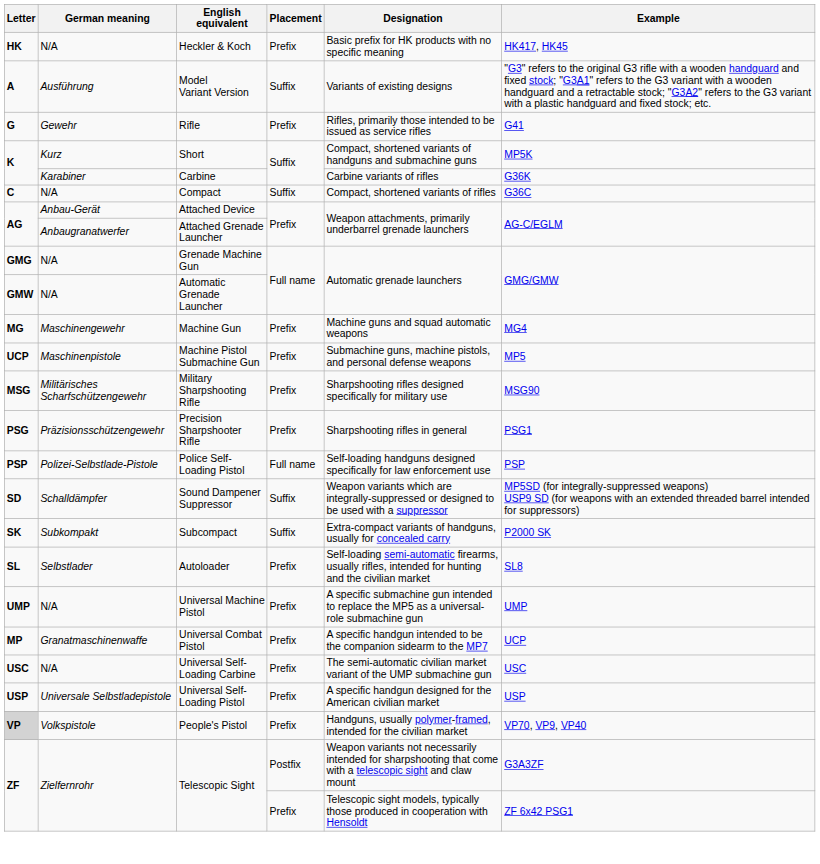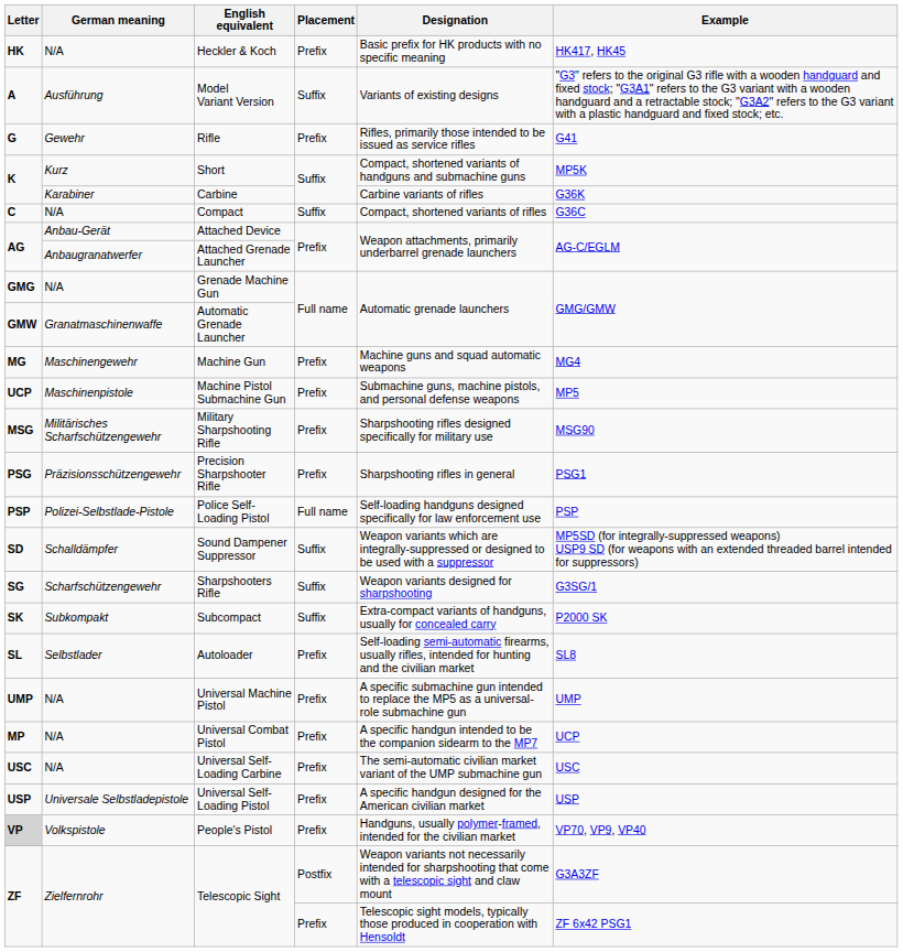 <table class="wikitable">
 <tr>
 <th>Letter</th>
 <th>German meaning</th>
 <th>English equivalent</th>
 <th>Placement</th>
 <th>Designation</th>
 <th>Example</th>
 </tr>
 <tr>
 <td><strong>HK</strong></td>
 <td>N/A</td>
 <td>Heckler & Koch</td>
 <td>Prefix</td>
 <td>Basic prefix for HK products with no specific meaning</td>
 <td><a href='#'>HK417</a>, <a href='#'>HK45</a></td>
 </tr>
 <tr>
 <td><strong>A</strong></td>
 <td><em>Ausführung</em></td>
 <td>Model<br>Variant Version</td>
 <td>Suffix</td>
 <td>Variants of existing designs</td>
 <td>"<a href='#'>G3</a>" refers to the original G3 rifle with a wooden <a href='#'>handguard</a> and fixed <a href='#'>stock</a>; "<a href='#'>G3<u>A1</u></a>" refers to the G3 variant with a wooden handguard and a retractable stock; "<a href='#'>G3<u>A2</u></a>" refers to the G3 variant with a plastic handguard and fixed stock; etc.</td>
 </tr>
 <tr>
 <td><strong>G</strong></td>
 <td><em>Gewehr</em></td>
 <td>Rifle</td>
 <td>Prefix</td>
 <td>Rifles, primarily those intended to be issued as service rifles</td>
 <td><a href='#'>G41</a></td>
 </tr>
 <tr>
 <td rowspan="2"><strong>K</strong></td>
 <td><em>Kurz</em></td>
 <td>Short</td>
 <td rowspan="2">Suffix</td>
 <td>Compact, shortened variants of handguns and submachine guns</td>
 <td><a href='#'>MP5K</a></td>
 </tr>
 <tr>
 <td><em>Karabiner</em></td>
 <td>Carbine</td>
 <td>Carbine variants of rifles</td>
 <td><a href='#'>G36K</a></td>
 </tr>
 <tr>
 <td><strong>C</strong></td>
 <td>N/A</td>
 <td>Compact</td>
 <td>Suffix</td>
 <td>Compact, shortened variants of rifles</td>
 <td><a href='#'>G36C</a></td>
 </tr>
 <tr>
 <td rowspan="2"><strong>AG</strong></td>
 <td><em>Anbau-Gerät</em></td>
 <td>Attached Device</td>
 <td rowspan="2">Prefix</td>
 <td rowspan="2">Weapon attachments, primarily underbarrel grenade launchers</td>
 <td rowspan="2"><a href='#'>AG-C/EGLM</a></td>
 </tr>
 <tr>
 <td><em>Anbaugranatwerfer</em></td>
 <td>Attached Grenade Launcher</td>
 </tr>
 <tr>
 <td><strong>GMG</strong></td>
 <td>N/A</td>
 <td>Grenade Machine Gun</td>
 <td rowspan="2">Full name</td>
 <td rowspan="2">Automatic grenade launchers</td>
 <td rowspan="2"><a href='#'>GMG/GMW</a></td>
 </tr>
 <tr>
 <td><strong>GMW</strong></td>
-<td>N/A</td>
+<td><em>Granatmaschinenwaffe</em></td>
 <td>Automatic Grenade Launcher</td>
 </tr>
 <tr>
 <td><strong>MG</strong></td>
 <td><em>Maschinengewehr</em></td>
 <td>Machine Gun</td>
 <td>Prefix</td>
 <td>Machine guns and squad automatic weapons</td>
 <td><a href='#'>MG4</a></td>
 </tr>
 <tr>
 <td><strong>UCP</strong></td>
 <td><em>Maschinenpistole</em></td>
 <td>Machine Pistol<br>Submachine Gun</td>
 <td>Prefix</td>
 <td>Submachine guns, machine pistols, and personal defense weapons</td>
 <td><a href='#'>MP5</a></td>
 </tr>
 <tr>
 <td><strong>MSG</strong></td>
 <td><em>Militärisches Scharfschützengewehr</em></td>
 <td>Military Sharpshooting Rifle</td>
 <td>Prefix</td>
 <td>Sharpshooting rifles designed specifically for military use</td>
 <td><a href='#'>MSG90</a></td>
 </tr>
 <tr>
 <td><strong>PSG</strong></td>
 <td><em>Präzisionsschützengewehr</em></td>
 <td>Precision Sharpshooter Rifle</td>
 <td>Prefix</td>
 <td>Sharpshooting rifles in general</td>
 <td><a href='#'>PSG1</a></td>
 </tr>
 <tr>
 <td><strong>PSP</strong></td>
 <td><em>Polizei-Selbstlade-Pistole</em></td>
 <td>Police Self-Loading Pistol</td>
 <td>Full name</td>
 <td>Self-loading handguns designed specifically for law enforcement use</td>
 <td><a href='#'>PSP</a></td>
 </tr>
 <tr>
 <td><strong>SD</strong></td>
 <td><em>Schalldämpfer</em></td>
 <td>Sound Dampener<br>Suppressor</td>
 <td>Suffix</td>
 <td>Weapon variants which are integrally-suppressed or designed to be used with a <a href='#'>suppressor</a></td>
 <td><a href='#'>MP5SD</a> (for integrally-suppressed weapons)<br><a href='#'>USP9 SD</a> (for weapons with an extended threaded barrel intended for suppressors)</td>
 </tr>
 <tr>
+<td><strong>SG</strong></td>
+<td><em>Scharfschützengewehr</em></td>
+<td>Sharpshooters Rifle</td>
+<td>Suffix</td>
+<td>Weapon variants designed for <a href='#'>sharpshooting</a></td>
+<td><a href='#'>G3SG/1</a></td>
+</tr>
+<tr>
 <td><strong>SK</strong></td>
 <td><em>Subkompakt</em></td>
 <td>Subcompact</td>
 <td>Suffix</td>
 <td>Extra-compact variants of handguns, usually for <a href='#'>concealed carry</a></td>
 <td><a href='#'>P2000 SK</a></td>
 </tr>
 <tr>
 <td><strong>SL</strong></td>
 <td><em>Selbstlader</em></td>
 <td>Autoloader</td>
 <td>Prefix</td>
 <td>Self-loading <a href='#'>semi-automatic</a> firearms, usually rifles, intended for hunting and the civilian market</td>
 <td><a href='#'>SL8</a></td>
 </tr>
 <tr>
 <td><strong>UMP</strong></td>
 <td>N/A</td>
 <td>Universal Machine Pistol</td>
 <td>Prefix</td>
 <td>A specific submachine gun intended to replace the MP5 as a universal-role submachine gun</td>
 <td><a href='#'>UMP</a></td>
 </tr>
 <tr>
 <td><strong>MP</strong></td>
-<td><em>Granatmaschinenwaffe</em></td>
+<td>N/A</td>
 <td>Universal Combat Pistol</td>
 <td>Prefix</td>
 <td>A specific handgun intended to be the companion sidearm to the <a href='#'>MP7</a></td>
 <td><a href='#'>UCP</a></td>
 </tr>
 <tr>
 <td><strong>USC</strong></td>
 <td>N/A</td>
 <td>Universal Self-Loading Carbine</td>
 <td>Prefix</td>
 <td>The semi-automatic civilian market variant of the UMP submachine gun</td>
 <td><a href='#'>USC</a></td>
 </tr>
 <tr>
 <td><strong>USP</strong></td>
 <td><em>Universale Selbstladepistole</em></td>
 <td>Universal Self-Loading Pistol</td>
 <td>Prefix</td>
 <td>A specific handgun designed for the American civilian market</td>
 <td><a href='#'>USP</a></td>
 </tr>
 <tr>
 <td style="background: lightgrey;"><strong>VP</strong></td>
 <td><em>Volkspistole</em></td>
 <td>People's Pistol</td>
 <td>Prefix</td>
 <td>Handguns, usually <a href='#'>polymer</a>-<a href='#'>framed</a>, intended for the civilian market</td>
 <td><a href='#'>VP70</a>, <a href='#'>VP9</a>, <a href='#'>VP40</a></td>
 </tr>
 <tr>
 <td rowspan="2"><strong>ZF</strong></td>
 <td rowspan="2"><em>Zielfernrohr</em></td>
 <td rowspan="2">Telescopic Sight</td>
 <td>Postfix</td>
 <td>Weapon variants not necessarily intended for sharpshooting that come with a <a href='#'>telescopic sight</a> and claw mount</td>
 <td><a href='#'>G3A3ZF</a></td>
 </tr>
 <tr>
 <td>Prefix</td>
 <td>Telescopic sight models, typically those produced in cooperation with <a href='#'>Hensoldt</a></td>
 <td><a href='#'>ZF 6x42 PSG1</a></td>
 </tr>
 </table>
